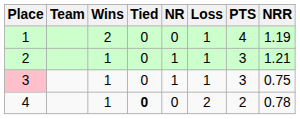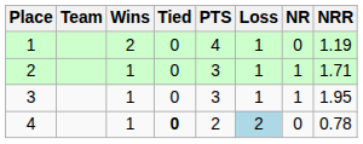 <table class="wikitable">
 <tr>
 <th>Place</th>
 <th>Team</th>
 <th>Wins</th>
 <th>Tied</th>
+<th>PTS</th>
+<th>Loss</th>
 <th>NR</th>
-<th>Loss</th>
-<th>PTS</th>
 <th>NRR</th>
 </tr>
 <tr align="center" bgcolor="ccffcc">
 <td>1</td>
 <td align="left"></td>
 <td>2</td>
 <td>0</td>
+<td>4</td>
+<td>1</td>
 <td>0</td>
-<td>1</td>
-<td>4</td>
 <td>1.19</td>
 </tr>
 <tr align="center" bgcolor="ccffcc">
 <td>2</td>
 <td align="left"></td>
 <td>1</td>
 <td>0</td>
+<td>3</td>
 <td>1</td>
 <td>1</td>
-<td>3</td>
-<td>1.21</td>
+<td>1.71</td>
 </tr>
 <tr align="center">
-<td style="background: pink;">3</td>
+<td>3</td>
 <td align="left"></td>
 <td>1</td>
 <td>0</td>
+<td>3</td>
 <td>1</td>
 <td>1</td>
-<td>3</td>
-<td>0.75</td>
+<td>1.95</td>
 </tr>
 <tr align="center">
 <td>4</td>
 <td align="left"></td>
 <td>1</td>
 <td><strong>0</strong></td>
+<td>2</td>
+<td style="background: lightblue;">2</td>
 <td>0</td>
-<td>2</td>
-<td>2</td>
 <td>0.78</td>
 </tr>
 </table>
